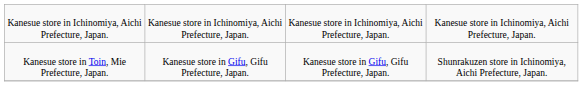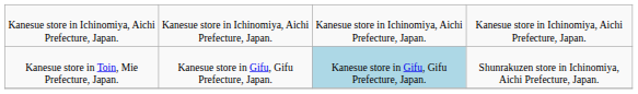 <table class="wikitable" style="text-align: right; font-size:90%">
 <tr align="center">
 <td> <br>Kanesue store in Ichinomiya, Aichi Prefecture, Japan.</td>
 <td><br>Kanesue store in Ichinomiya, Aichi Prefecture, Japan.</td>
 <td><br>Kanesue store in Ichinomiya, Aichi Prefecture, Japan.</td>
 <td><br>Kanesue store in Ichinomiya, Aichi Prefecture, Japan.</td>
 </tr>
 <tr align="center">
 <td><br>Kanesue store in <a href='#'>Toin</a>, Mie Prefecture, Japan.</td>
 <td><br>Kanesue store in <a href='#'>Gifu</a>, Gifu Prefecture, Japan.</td>
-<td><br>Kanesue store in <a href='#'>Gifu</a>, Gifu Prefecture, Japan.</td>
+<td style="background: lightblue;"><br>Kanesue store in <a href='#'>Gifu</a>, Gifu Prefecture, Japan.</td>
 <td><br>Shunrakuzen store in Ichinomiya, Aichi Prefecture, Japan.</td>
 </tr>
 <tr align="center">
 </tr>
 </table>
